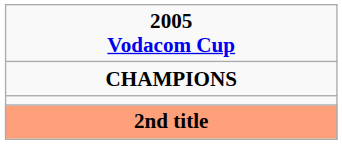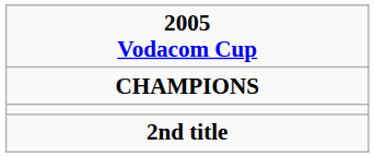 <table class="wikitable" style="text-align: center; margin: 0 auto; width: 20%">
 <tr>
 <td><strong>2005</strong> <br> <strong><a href='#'>Vodacom Cup</a></strong></td>
 </tr>
 <tr>
 <td><strong>CHAMPIONS</strong></td>
 </tr>
 <tr>
 <td><strong></strong></td>
 </tr>
 <tr>
-<td style="background: lightsalmon;"><strong>2nd title</strong></td>
+<td><strong>2nd title</strong></td>
 </tr>
 </table>
